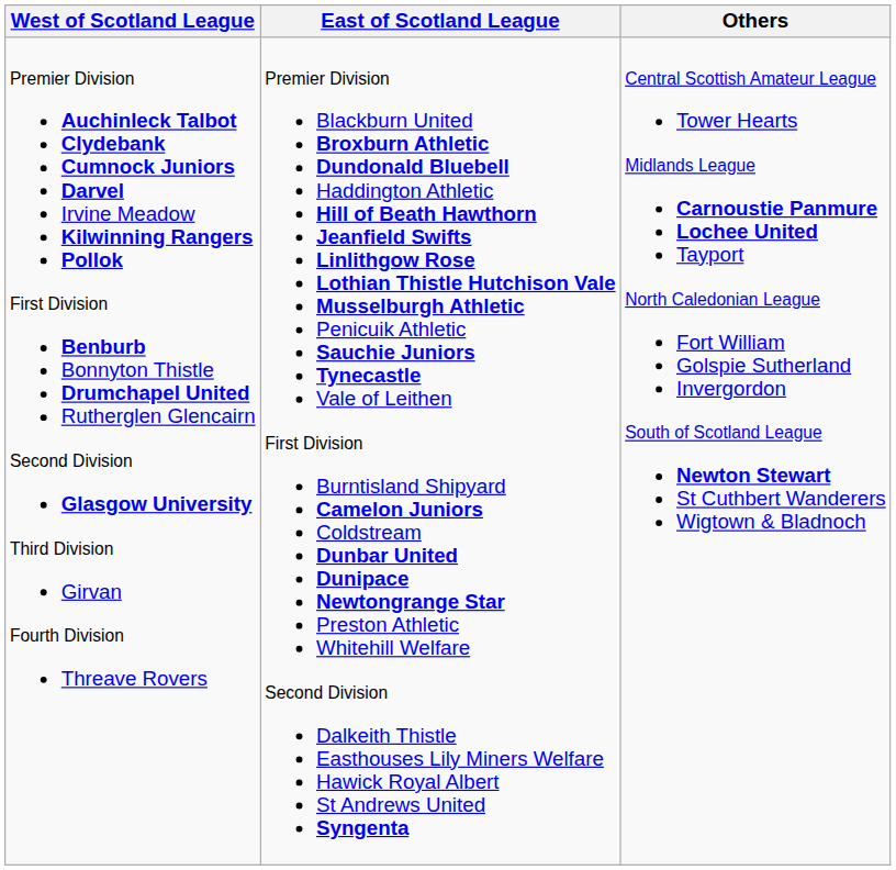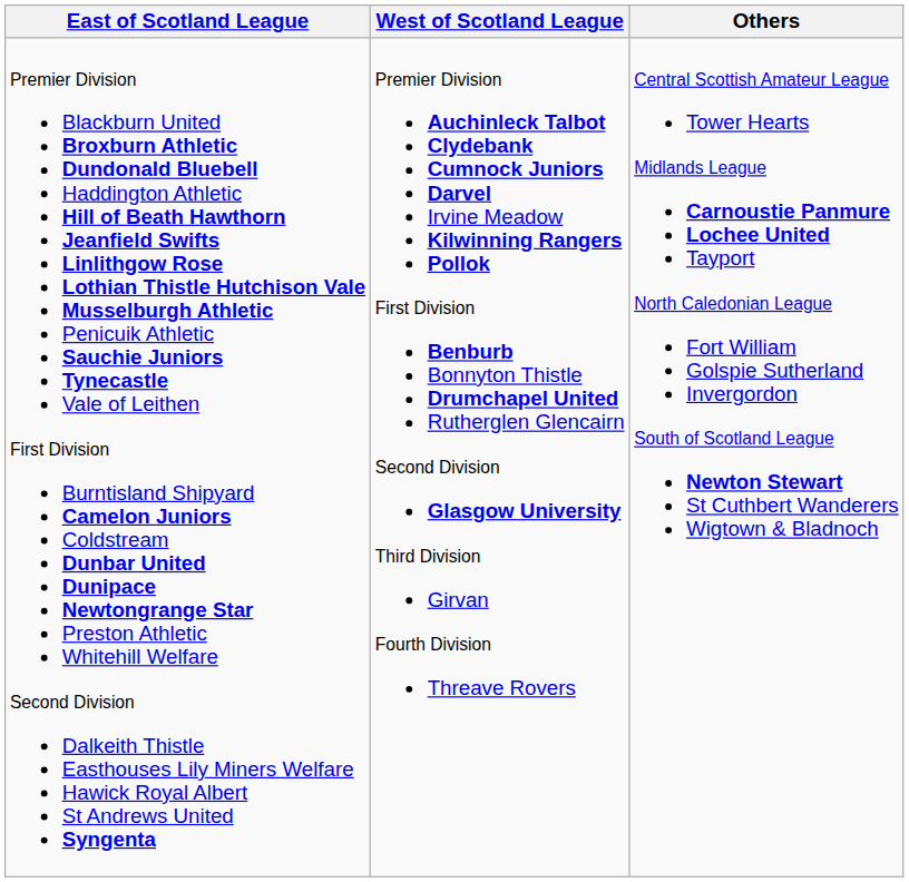 <table class="wikitable" style="text-align:left">
 <tr>
+<th><a href='#'>East of Scotland League</a></th>
 <th><a href='#'>West of Scotland League</a></th>
-<th><a href='#'>East of Scotland League</a></th>
 <th>Others</th>
 </tr>
 <tr>
+<td valign=top><br><small>Premier Division</small><ul><li><a href='#'>Blackburn United</a></li><li><strong><a href='#'>Broxburn Athletic</a></strong></li><li><strong><a href='#'>Dundonald Bluebell</a></strong></li><li><a href='#'>Haddington Athletic</a></li><li><strong><a href='#'>Hill of Beath Hawthorn</a></strong></li><li><strong><a href='#'>Jeanfield Swifts</a></strong></li><li><strong><a href='#'>Linlithgow Rose</a></strong></li><li><strong><a href='#'>Lothian Thistle Hutchison Vale</a></strong></li><li><strong><a href='#'>Musselburgh Athletic</a></strong></li><li><a href='#'>Penicuik Athletic</a></li><li><strong><a href='#'>Sauchie Juniors</a></strong></li><li><strong><a href='#'>Tynecastle</a></strong></li><li><a href='#'>Vale of Leithen</a></li></ul><small>First Division</small><ul><li><a href='#'>Burntisland Shipyard</a></li><li><strong><a href='#'>Camelon Juniors</a></strong></li><li><a href='#'>Coldstream</a></li><li><strong><a href='#'>Dunbar United</a></strong></li><li><strong><a href='#'>Dunipace</a></strong></li><li><strong><a href='#'>Newtongrange Star</a></strong></li><li><a href='#'>Preston Athletic</a></li><li><a href='#'>Whitehill Welfare</a></li></ul><small>Second Division</small><ul><li><a href='#'>Dalkeith Thistle</a></li><li><a href='#'>Easthouses Lily Miners Welfare</a></li><li><a href='#'>Hawick Royal Albert</a></li><li><a href='#'>St Andrews United</a></li><li><strong><a href='#'>Syngenta</a></strong></li></ul></td>
 <td valign=top><br><small>Premier Division</small><ul><li><strong><a href='#'>Auchinleck Talbot</a></strong></li><li><strong><a href='#'>Clydebank</a></strong></li><li><strong><a href='#'>Cumnock Juniors</a></strong></li><li><strong><a href='#'>Darvel</a></strong></li><li><a href='#'>Irvine Meadow</a></li><li><strong><a href='#'>Kilwinning Rangers</a></strong></li><li><strong><a href='#'>Pollok</a></strong></li></ul><small>First Division</small><ul><li><strong><a href='#'>Benburb</a></strong></li><li><a href='#'>Bonnyton Thistle</a></li><li><strong><a href='#'>Drumchapel United</a></strong></li><li><a href='#'>Rutherglen Glencairn</a></li></ul><small>Second Division</small><ul><li><strong><a href='#'>Glasgow University</a></strong></li></ul><small>Third Division</small><ul><li><a href='#'>Girvan</a></li></ul><small>Fourth Division</small><ul><li><a href='#'>Threave Rovers</a></li></ul></td>
-<td valign=top><br><small>Premier Division</small><ul><li><a href='#'>Blackburn United</a></li><li><strong><a href='#'>Broxburn Athletic</a></strong></li><li><strong><a href='#'>Dundonald Bluebell</a></strong></li><li><a href='#'>Haddington Athletic</a></li><li><strong><a href='#'>Hill of Beath Hawthorn</a></strong></li><li><strong><a href='#'>Jeanfield Swifts</a></strong></li><li><strong><a href='#'>Linlithgow Rose</a></strong></li><li><strong><a href='#'>Lothian Thistle Hutchison Vale</a></strong></li><li><strong><a href='#'>Musselburgh Athletic</a></strong></li><li><a href='#'>Penicuik Athletic</a></li><li><strong><a href='#'>Sauchie Juniors</a></strong></li><li><strong><a href='#'>Tynecastle</a></strong></li><li><a href='#'>Vale of Leithen</a></li></ul><small>First Division</small><ul><li><a href='#'>Burntisland Shipyard</a></li><li><strong><a href='#'>Camelon Juniors</a></strong></li><li><a href='#'>Coldstream</a></li><li><strong><a href='#'>Dunbar United</a></strong></li><li><strong><a href='#'>Dunipace</a></strong></li><li><strong><a href='#'>Newtongrange Star</a></strong></li><li><a href='#'>Preston Athletic</a></li><li><a href='#'>Whitehill Welfare</a></li></ul><small>Second Division</small><ul><li><a href='#'>Dalkeith Thistle</a></li><li><a href='#'>Easthouses Lily Miners Welfare</a></li><li><a href='#'>Hawick Royal Albert</a></li><li><a href='#'>St Andrews United</a></li><li><strong><a href='#'>Syngenta</a></strong></li></ul></td>
 <td valign=top><br><small><a href='#'>Central Scottish Amateur League</a></small><ul><li><a href='#'>Tower Hearts</a></li></ul><small><a href='#'>Midlands League</a></small><ul><li><strong><a href='#'>Carnoustie Panmure</a></strong></li><li><strong><a href='#'>Lochee United</a></strong></li><li><a href='#'>Tayport</a></li></ul><small><a href='#'>North Caledonian League</a></small><ul><li><a href='#'>Fort William</a></li><li><a href='#'>Golspie Sutherland</a></li><li><a href='#'>Invergordon</a></li></ul><small><a href='#'>South of Scotland League</a></small><ul><li><strong><a href='#'>Newton Stewart</a></strong></li><li><a href='#'>St Cuthbert Wanderers</a></li><li><a href='#'>Wigtown & Bladnoch</a></li></ul></td>
 </tr>
 </table>
